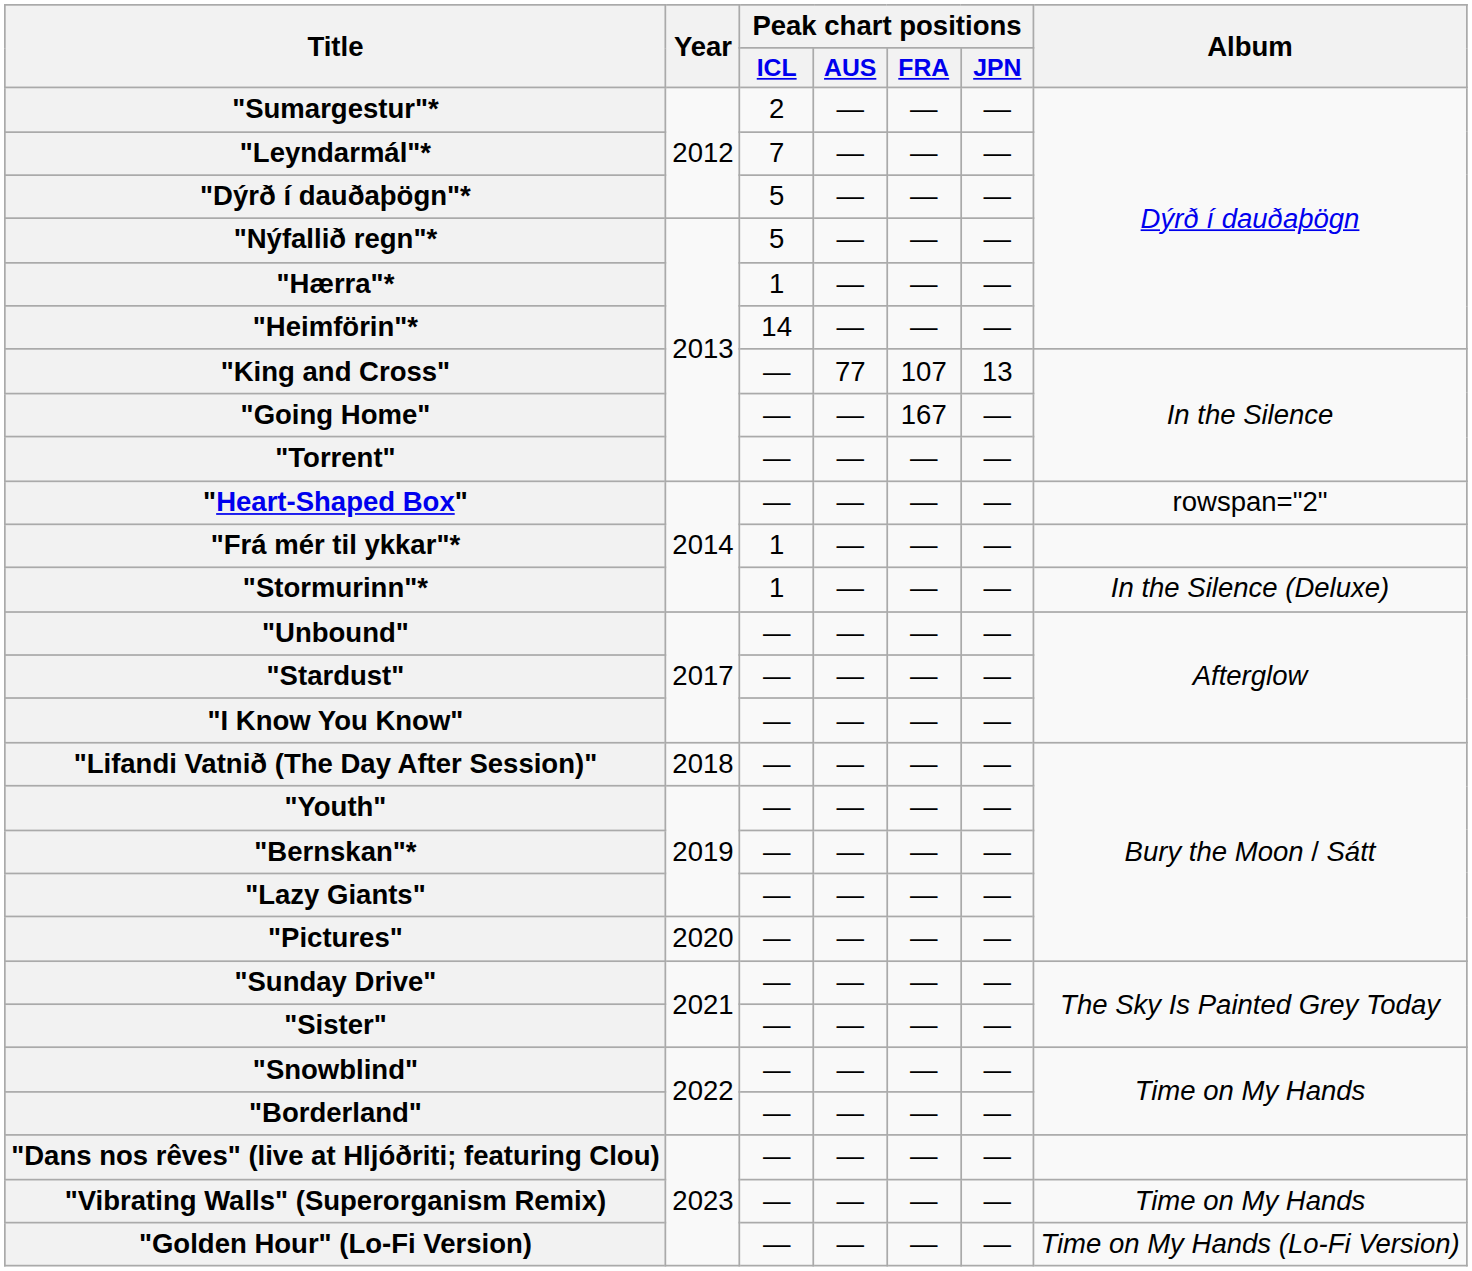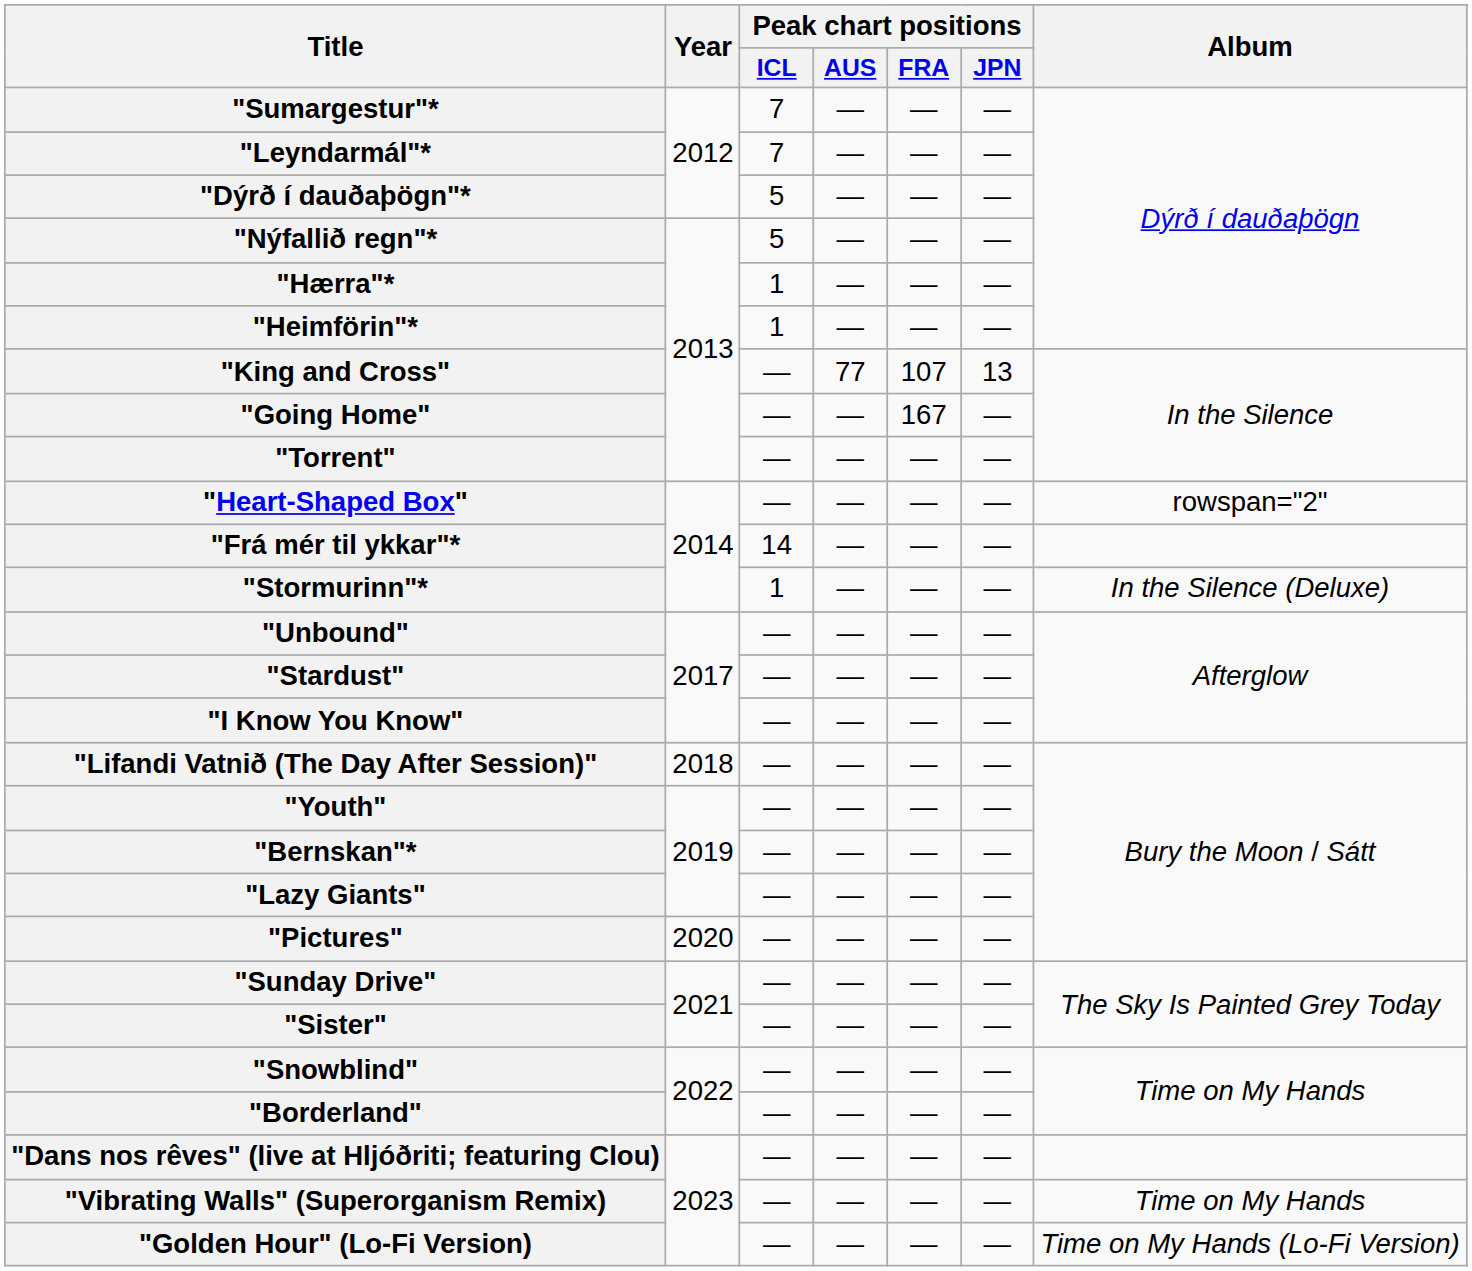 <table class="wikitable plainrowheaders" style="text-align:center">
 <tr>
 <th scope="col" rowspan="2">Title</th>
 <th scope="col" rowspan="2">Year</th>
 <th scope="col" colspan="4">Peak chart positions</th>
 <th scope="col" rowspan="2">Album</th>
 </tr>
 <tr>
 <th scope="col" style="width:2.5em;font-size:90%"><a href='#'>ICL</a></th>
 <th scope="col" style="width:2.5em;font-size:90%"><a href='#'>AUS</a><br></th>
 <th scope="col" style="width:2.5em;font-size:90%"><a href='#'>FRA</a><br></th>
 <th scope="col" style="width:2.5em;font-size:90%"><a href='#'>JPN</a></th>
 </tr>
 <tr>
 <th scope="row">"Sumargestur"*</th>
 <td rowspan="3">2012</td>
-<td>2</td>
+<td>7</td>
 <td>—</td>
 <td>—</td>
 <td>—</td>
 <td rowspan="6"><em><a href='#'>Dýrð í dauðaþögn</a></em></td>
 </tr>
 <tr>
 <th scope="row">"Leyndarmál"*</th>
 <td>7</td>
 <td>—</td>
 <td>—</td>
 <td>—</td>
 </tr>
 <tr>
 <th scope="row">"Dýrð í dauðaþögn"*</th>
 <td>5</td>
 <td>—</td>
 <td>—</td>
 <td>—</td>
 </tr>
 <tr>
 <th scope="row">"Nýfallið regn"*</th>
 <td rowspan="6">2013</td>
 <td>5</td>
 <td>—</td>
 <td>—</td>
 <td>—</td>
 </tr>
 <tr>
 <th scope="row">"Hærra"*</th>
 <td>1</td>
 <td>—</td>
 <td>—</td>
 <td>—</td>
 </tr>
 <tr>
 <th scope="row">"Heimförin"*</th>
-<td>14</td>
+<td>1</td>
 <td>—</td>
 <td>—</td>
 <td>—</td>
 </tr>
 <tr>
 <th scope="row">"King and Cross"</th>
 <td>—</td>
 <td>77</td>
 <td>107</td>
 <td>13</td>
 <td rowspan="3"><em>In the Silence</em></td>
 </tr>
 <tr>
 <th scope="row">"Going Home"</th>
 <td>—</td>
 <td>—</td>
 <td>167</td>
 <td>—</td>
 </tr>
 <tr>
 <th scope="row">"Torrent"</th>
 <td>—</td>
 <td>—</td>
 <td>—</td>
 <td>—</td>
 </tr>
 <tr>
 <th scope="row">"<a href='#'>Heart-Shaped Box</a>"</th>
 <td rowspan="3">2014</td>
 <td>—</td>
 <td>—</td>
 <td>—</td>
 <td>—</td>
 <td>rowspan="2" </td>
 </tr>
 <tr>
 <th scope="row">"Frá mér til ykkar"*</th>
-<td>1</td>
+<td>14</td>
 <td>—</td>
 <td>—</td>
 <td>—</td>
 </tr>
 <tr>
 <th scope="row">"Stormurinn"*</th>
 <td>1</td>
 <td>—</td>
 <td>—</td>
 <td>—</td>
 <td><em>In the Silence (Deluxe)</em></td>
 </tr>
 <tr>
 <th scope="row">"Unbound"</th>
 <td rowspan="3">2017</td>
 <td>—</td>
 <td>—</td>
 <td>—</td>
 <td>—</td>
 <td rowspan="3"><em>Afterglow</em></td>
 </tr>
 <tr>
 <th scope="row">"Stardust"</th>
 <td>—</td>
 <td>—</td>
 <td>—</td>
 <td>—</td>
 </tr>
 <tr>
 <th scope="row">"I Know You Know"</th>
 <td>—</td>
 <td>—</td>
 <td>—</td>
 <td>—</td>
 </tr>
 <tr>
 <th scope="row">"Lifandi Vatnið (The Day After Session)"</th>
 <td>2018</td>
 <td>—</td>
 <td>—</td>
 <td>—</td>
 <td>—</td>
 <td rowspan="5"><em>Bury the Moon</em> / <em>Sátt</em></td>
 </tr>
 <tr>
 <th scope="row">"Youth"</th>
 <td rowspan="3">2019</td>
 <td>—</td>
 <td>—</td>
 <td>—</td>
 <td>—</td>
 </tr>
 <tr>
 <th scope="row">"Bernskan"*</th>
 <td>—</td>
 <td>—</td>
 <td>—</td>
 <td>—</td>
 </tr>
 <tr>
 <th scope="row">"Lazy Giants"</th>
 <td>—</td>
 <td>—</td>
 <td>—</td>
 <td>—</td>
 </tr>
 <tr>
 <th scope="row">"Pictures"</th>
 <td>2020</td>
 <td>—</td>
 <td>—</td>
 <td>—</td>
 <td>—</td>
 </tr>
 <tr>
 <th scope="row">"Sunday Drive"</th>
 <td rowspan="2">2021</td>
 <td>—</td>
 <td>—</td>
 <td>—</td>
 <td>—</td>
 <td rowspan="2"><em>The Sky Is Painted Grey Today</em></td>
 </tr>
 <tr>
 <th scope="row">"Sister"</th>
 <td>—</td>
 <td>—</td>
 <td>—</td>
 <td>—</td>
 </tr>
 <tr>
 <th scope="row">"Snowblind"</th>
 <td rowspan="2">2022</td>
 <td>—</td>
 <td>—</td>
 <td>—</td>
 <td>—</td>
 <td rowspan="2"><em>Time on My Hands</em></td>
 </tr>
 <tr>
 <th scope="row">"Borderland"</th>
 <td>—</td>
 <td>—</td>
 <td>—</td>
 <td>—</td>
 </tr>
 <tr>
 <th scope="row">"Dans nos rêves" (live at Hljóðriti; featuring Clou)</th>
 <td rowspan="3">2023</td>
 <td>—</td>
 <td>—</td>
 <td>—</td>
 <td>—</td>
 <td></td>
 </tr>
 <tr>
 <th scope="row">"Vibrating Walls" (Superorganism Remix)</th>
 <td>—</td>
 <td>—</td>
 <td>—</td>
 <td>—</td>
 <td><em>Time on My Hands</em></td>
 </tr>
 <tr>
 <th scope="row">"Golden Hour" (Lo-Fi Version)</th>
 <td>—</td>
 <td>—</td>
 <td>—</td>
 <td>—</td>
 <td><em>Time on My Hands (Lo-Fi Version)</em></td>
 </tr>
 </table>
